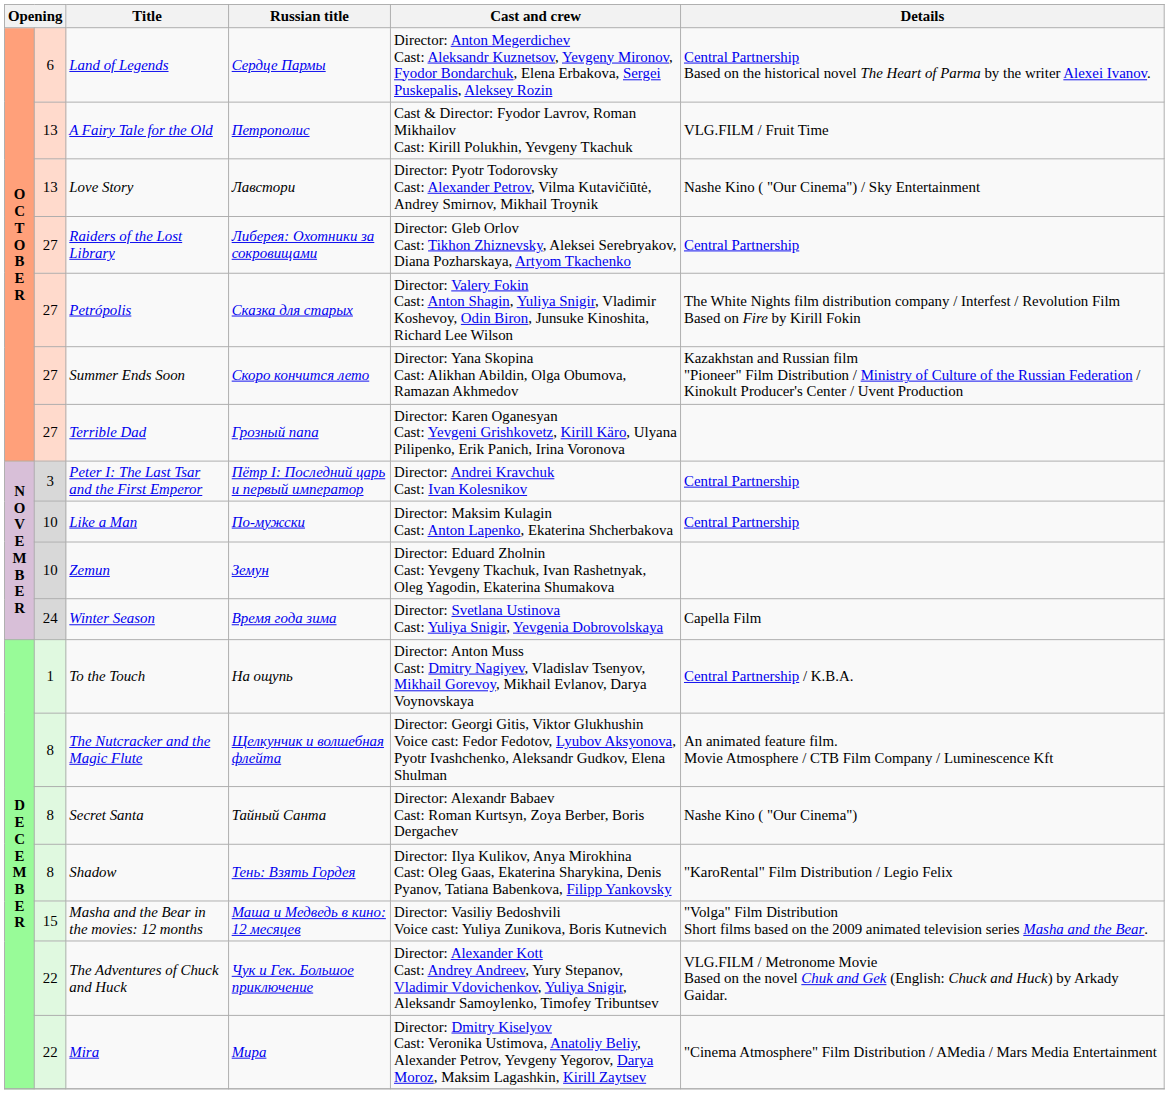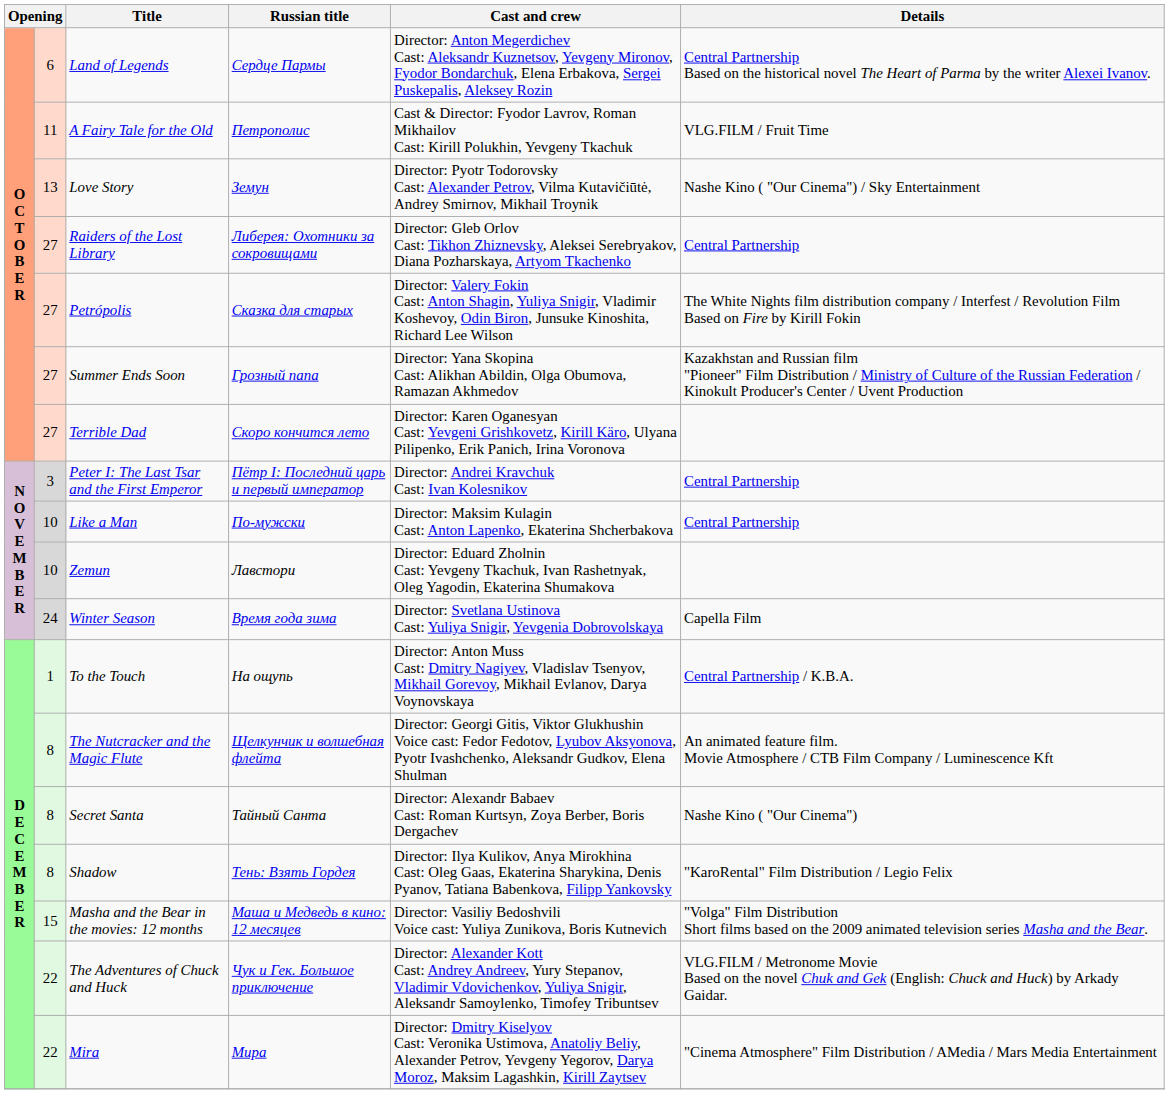 <table class="wikitable">
 <tr>
 <th colspan="2">Opening</th>
 <th style="width:14%;">Title</th>
 <th style="width:14%;">Russian title</th>
 <th style="width:25%;">Cast and crew</th>
 <th>Details</th>
 </tr>
 <tr>
 <th rowspan="7" align="center" style="background:#ffa07a; textcolor:#000;">O<br>C<br>T<br>O<br>B<br>E<br>R</th>
 <td align="center" style="background:#ffdacc;">6</td>
 <td><em><a href='#'>Land of Legends</a></em></td>
 <td><em><a href='#'>Сердце Пармы</a></em></td>
 <td>Director: <a href='#'>Anton Megerdichev</a> <br> Cast: <a href='#'>Aleksandr Kuznetsov</a>, <a href='#'>Yevgeny Mironov</a>, <a href='#'>Fyodor Bondarchuk</a>, Elena Erbakova, <a href='#'>Sergei Puskepalis</a>, <a href='#'>Aleksey Rozin</a></td>
 <td><a href='#'>Central Partnership</a> <br> Based on the historical novel <em>The Heart of Parma</em> by the writer <a href='#'>Alexei Ivanov</a>.</td>
 </tr>
 <tr>
-<td align="center" style="background:#ffdacc;">13</td>
+<td align="center" style="background:#ffdacc;">11</td>
 <td><em><a href='#'>A Fairy Tale for the Old</a></em></td>
 <td><em><a href='#'>Петрополис</a></em></td>
 <td>Cast & Director: Fyodor Lavrov, Roman Mikhailov <br> Cast: Kirill Polukhin, Yevgeny Tkachuk</td>
 <td>VLG.FILM / Fruit Time</td>
 </tr>
 <tr>
 <td align="center" style="background:#ffdacc;">13</td>
 <td><em>Love Story</em></td>
-<td><em>Лавстори</em></td>
+<td><em><a href='#'>Земун</a></em></td>
 <td>Director: Pyotr Todorovsky <br> Cast: <a href='#'>Alexander Petrov</a>, Vilma Kutavičiūtė, Andrey Smirnov, Mikhail Troynik</td>
 <td>Nashe Kino ( "Our Cinema") / Sky Entertainment</td>
 </tr>
 <tr>
 <td align="center" style="background:#ffdacc;">27</td>
 <td><em><a href='#'>Raiders of the Lost Library</a></em></td>
 <td><em><a href='#'>Либерея: Охотники за сокровищами</a></em></td>
 <td>Director: Gleb Orlov <br> Cast: <a href='#'>Tikhon Zhiznevsky</a>, Aleksei Serebryakov, Diana Pozharskaya, <a href='#'>Artyom Tkachenko</a></td>
 <td><a href='#'>Central Partnership</a></td>
 </tr>
 <tr>
 <td align="center" style="background:#ffdacc;">27</td>
 <td><em><a href='#'>Petrópolis</a></em></td>
 <td><em><a href='#'>Сказка для старых</a></em></td>
 <td>Director: <a href='#'>Valery Fokin</a> <br> Cast: <a href='#'>Anton Shagin</a>, <a href='#'>Yuliya Snigir</a>, Vladimir Koshevoy, <a href='#'>Odin Biron</a>, Junsuke Kinoshita, Richard Lee Wilson</td>
 <td>The White Nights film distribution company / Interfest / Revolution Film <br> Based on <em>Fire</em> by Kirill Fokin</td>
 </tr>
 <tr>
 <td align="center" style="background:#ffdacc;">27</td>
 <td><em>Summer Ends Soon</em></td>
-<td><em><a href='#'>Скоро кончится лето</a></em></td>
+<td><em><a href='#'>Грозный папа</a></em></td>
 <td>Director: Yana Skopina <br> Cast: Alikhan Abildin, Olga Obumova, Ramazan Akhmedov</td>
 <td>Kazakhstan and Russian film <br> "Pioneer" Film Distribution / <a href='#'>Ministry of Culture of the Russian Federation</a> / Kinokult Producer's Center / Uvent Production</td>
 </tr>
 <tr>
 <td align="center" style="background:#ffdacc;">27</td>
 <td><em><a href='#'>Terrible Dad</a></em></td>
-<td><em><a href='#'>Грозный папа</a></em></td>
+<td><em><a href='#'>Скоро кончится лето</a></em></td>
 <td>Director: Karen Oganesyan <br> Cast: <a href='#'>Yevgeni Grishkovetz</a>, <a href='#'>Kirill Käro</a>, Ulyana Pilipenko, Erik Panich, Irina Voronova</td>
 <td></td>
 </tr>
 <tr>
 <th rowspan="4" align="center" style="background:thistle; textcolor:#000;">N<br>O<br>V<br>E<br>M<br>B<br>E<br>R</th>
 <td align="center" style="background:#d8d8d8;">3</td>
 <td><em><a href='#'>Peter I: The Last Tsar and the First Emperor</a></em></td>
 <td><em><a href='#'>Пётр I: Последний царь и первый император</a></em></td>
 <td>Director: <a href='#'>Andrei Kravchuk</a> <br> Cast: <a href='#'>Ivan Kolesnikov</a></td>
 <td><a href='#'>Central Partnership</a></td>
 </tr>
 <tr>
 <td align="center" style="background:#d8d8d8;">10</td>
 <td><em><a href='#'>Like a Man</a></em></td>
 <td><em><a href='#'>По-мужски</a></em></td>
 <td>Director: Maksim Kulagin <br> Cast: <a href='#'>Anton Lapenko</a>, Ekaterina Shcherbakova</td>
 <td><a href='#'>Central Partnership</a></td>
 </tr>
 <tr>
 <td align="center" style="background:#d8d8d8;">10</td>
 <td><em><a href='#'>Zemun</a></em></td>
-<td><em><a href='#'>Земун</a></em></td>
+<td><em>Лавстори</em></td>
 <td>Director: Eduard Zholnin <br> Cast: Yevgeny Tkachuk, Ivan Rashetnyak, Oleg Yagodin, Ekaterina Shumakova</td>
 <td></td>
 </tr>
 <tr>
 <td align="center" style="background:#d8d8d8;">24</td>
 <td><em><a href='#'>Winter Season</a></em></td>
 <td><em><a href='#'>Время года зима</a></em></td>
 <td>Director: <a href='#'>Svetlana Ustinova</a> <br> Cast: <a href='#'>Yuliya Snigir</a>, <a href='#'>Yevgenia Dobrovolskaya</a></td>
 <td>Capella Film</td>
 </tr>
 <tr>
 <th rowspan="7" align="center" style="background:#98fb98; textcolor:#000;">D<br>E<br>C<br>E<br>M<br>B<br>E<br>R</th>
 <td align="center" style="background:#e0f9e0;">1</td>
 <td><em>To the Touch</em></td>
 <td><em>На ощупь</em></td>
 <td>Director: Anton Muss <br> Cast: <a href='#'>Dmitry Nagiyev</a>, Vladislav Tsenyov, <a href='#'>Mikhail Gorevoy</a>, Mikhail Evlanov, Darya Voynovskaya</td>
 <td><a href='#'>Central Partnership</a> / K.B.A.</td>
 </tr>
 <tr>
 <td align="center" style="background:#e0f9e0;">8</td>
 <td><em><a href='#'>The Nutcracker and the Magic Flute</a></em></td>
 <td><em><a href='#'>Щелкунчик и волшебная флейта</a></em></td>
 <td>Director: Georgi Gitis, Viktor Glukhushin <br> Voice cast: Fedor Fedotov, <a href='#'>Lyubov Aksyonova</a>, Pyotr Ivashchenko, Aleksandr Gudkov, Elena Shulman</td>
 <td>An animated feature film. <br> Movie Atmosphere / CTB Film Company / Luminescence Kft</td>
 </tr>
 <tr>
 <td align="center" style="background:#e0f9e0;">8</td>
 <td><em>Secret Santa</em></td>
 <td><em>Тайный Санта</em></td>
 <td>Director: Alexandr Babaev <br> Cast: Roman Kurtsyn, Zoya Berber, Boris Dergachev</td>
 <td>Nashe Kino ( "Our Cinema")</td>
 </tr>
 <tr>
 <td align="center" style="background:#e0f9e0;">8</td>
 <td><em>Shadow</em></td>
 <td><em><a href='#'>Тень: Взять Гордея</a></em></td>
 <td>Director: Ilya Kulikov, Anya Mirokhina <br> Cast: Oleg Gaas, Ekaterina Sharykina, Denis Pyanov, Tatiana Babenkova, <a href='#'>Filipp Yankovsky</a></td>
 <td>"KaroRental" Film Distribution / Legio Felix</td>
 </tr>
 <tr>
 <td align="center" style="background:#e0f9e0;">15</td>
 <td><em>Masha and the Bear in the movies: 12 months</em></td>
 <td><em><a href='#'>Маша и Медведь в кино: 12 месяцев</a></em></td>
 <td>Director: Vasiliy Bedoshvili<br> Voice cast: Yuliya Zunikova, Boris Kutnevich</td>
 <td>"Volga" Film Distribution <br> Short films based on the 2009 animated television series <em><a href='#'>Masha and the Bear</a></em>.</td>
 </tr>
 <tr>
 <td align="center" style="background:#e0f9e0;">22</td>
 <td><em>The Adventures of Chuck and Huck</em></td>
 <td><em><a href='#'>Чук и Гек. Большое приключение</a></em></td>
 <td>Director: <a href='#'>Alexander Kott</a> <br> Cast: <a href='#'>Andrey Andreev</a>, Yury Stepanov, <a href='#'>Vladimir Vdovichenkov</a>, <a href='#'>Yuliya Snigir</a>, Aleksandr Samoylenko, Timofey Tribuntsev</td>
 <td>VLG.FILM / Metronome Movie <br> Based on the novel <em><a href='#'>Chuk and Gek</a></em> (English: <em>Chuck and Huck</em>) by Arkady Gaidar.</td>
 </tr>
 <tr>
 <td align="center" style="background:#e0f9e0;">22</td>
 <td><em><a href='#'>Mira</a></em></td>
 <td><em><a href='#'>Мира</a></em></td>
 <td>Director: <a href='#'>Dmitry Kiselyov</a> <br> Cast: Veronika Ustimova, <a href='#'>Anatoliy Beliy</a>, Alexander Petrov, Yevgeny Yegorov, <a href='#'>Darya Moroz</a>, Maksim Lagashkin, <a href='#'>Kirill Zaytsev</a></td>
 <td>"Cinema Atmosphere" Film Distribution / AMedia / Mars Media Entertainment</td>
 </tr>
 <tr>
 </tr>
 </table>
